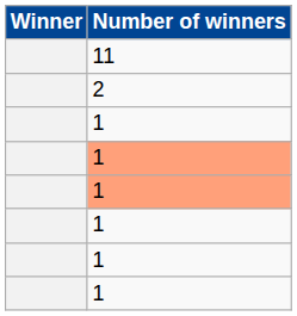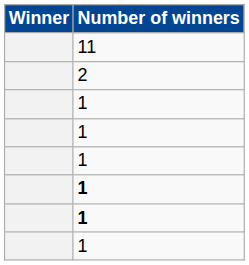 <table class="wikitable plainrowheaders">
 <tr>
 <th scope="col" style="background-color:#014593; color:white;;">Winner</th>
 <th scope="col" style="background-color:#014593; color:white;;">Number of winners</th>
 </tr>
 <tr>
 <th scope="row"></th>
 <td>11</td>
 </tr>
 <tr>
 <th scope="row"></th>
 <td>2</td>
 </tr>
 <tr>
 <th scope="row"></th>
 <td>1</td>
 </tr>
 <tr>
 <th scope="row"></th>
-<td style="background: lightsalmon;">1</td>
-</tr>
-<tr>
-<th scope="row"></th>
-<td style="background: lightsalmon;">1</td>
-</tr>
-<tr>
-<th scope="row"></th>
 <td>1</td>
 </tr>
 <tr>
 <th scope="row"></th>
 <td>1</td>
 </tr>
 <tr>
 <th scope="row"></th>
+<td><strong>1</strong></td>
+</tr>
+<tr>
+<th scope="row"></th>
+<td><strong>1</strong></td>
+</tr>
+<tr>
+<th scope="row"></th>
 <td>1</td>
 </tr>
 </table>
